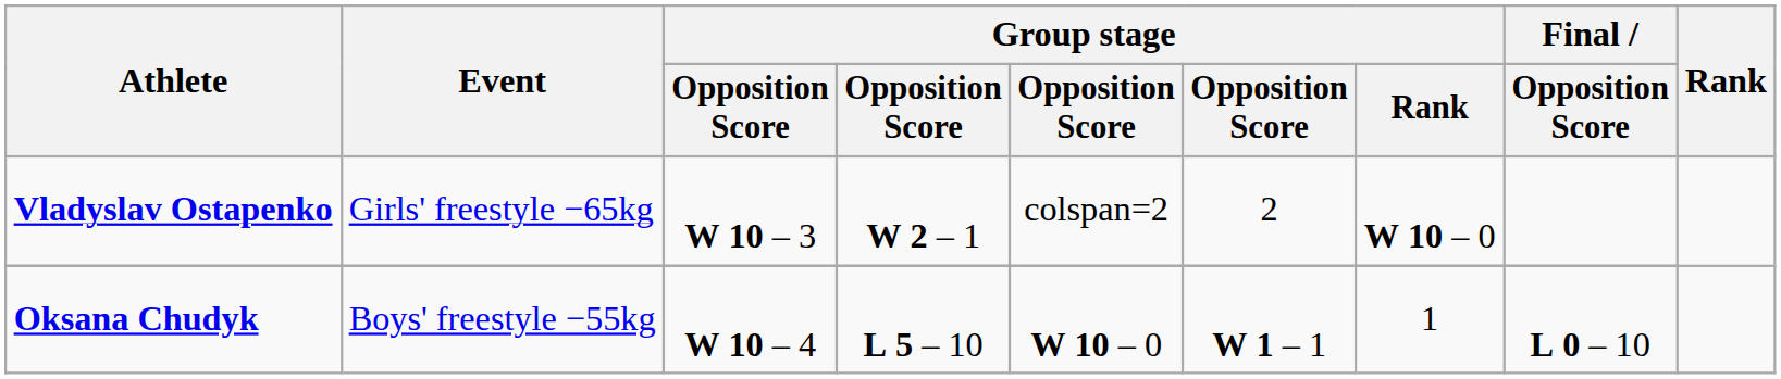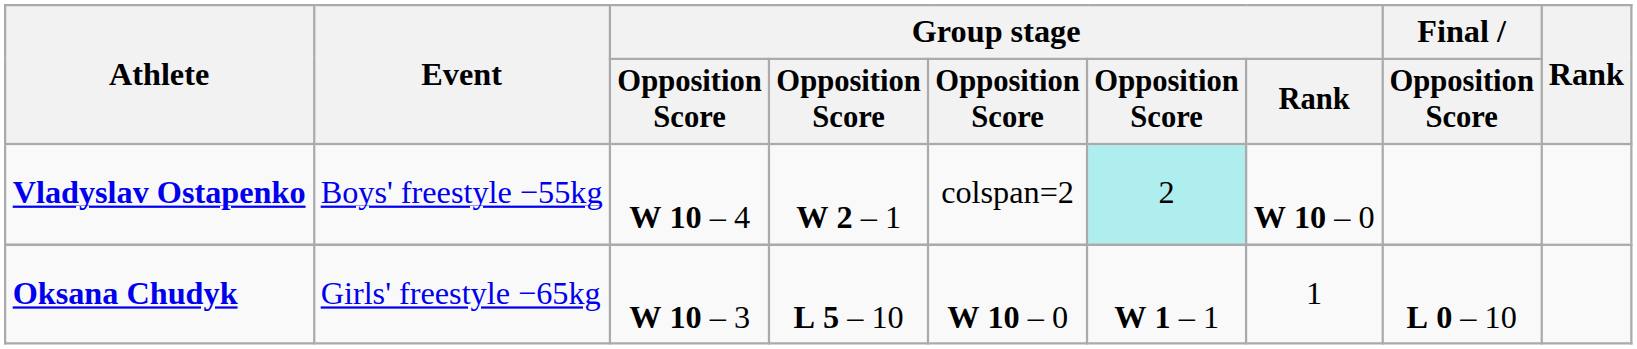 <table class="wikitable" style="font-size:90%">
 <tr>
 <th rowspan=2>Athlete</th>
 <th rowspan=2>Event</th>
 <th colspan=5>Group stage</th>
 <th>Final / </th>
 <th rowspan=2>Rank</th>
 </tr>
 <tr style="font-size:95%">
 <th>Opposition<br>Score</th>
 <th>Opposition<br>Score</th>
 <th>Opposition<br>Score</th>
 <th>Opposition<br>Score</th>
 <th>Rank</th>
 <th>Opposition<br>Score</th>
 </tr>
 <tr align=center>
 <td align=left><strong><a href='#'>Vladyslav Ostapenko</a></strong></td>
-<td align=left><a href='#'>Girls' freestyle −65kg</a></td>
-<td><br><strong>W</strong> <strong>10</strong> – 3 <sup></sup></td>
+<td align=left><a href='#'>Boys' freestyle −55kg</a></td>
+<td><br><strong>W</strong> <strong>10</strong> – 4 <sup></sup></td>
 <td><br><strong>W</strong> <strong>2</strong> – 1 <sup></sup></td>
 <td>colspan=2 </td>
-<td>2 </td>
+<td style="background: paleturquoise;">2 </td>
 <td><br><strong>W</strong> <strong>10</strong> – 0 <sup></sup></td>
 <td></td>
 </tr>
 <tr>
 </tr>
 <tr align=center>
 <td align=left><strong><a href='#'>Oksana Chudyk</a></strong></td>
-<td align=left><a href='#'>Boys' freestyle −55kg</a></td>
-<td><br><strong>W</strong> <strong>10</strong> – 4 <sup></sup></td>
+<td align=left><a href='#'>Girls' freestyle −65kg</a></td>
+<td><br><strong>W</strong> <strong>10</strong> – 3 <sup></sup></td>
 <td><br><strong>L</strong> <strong>5</strong> – 10 <sup></sup></td>
 <td><br><strong>W</strong> <strong>10</strong> – 0 <sup></sup></td>
 <td><br><strong>W</strong> <strong>1</strong> – 1 <sup></sup></td>
 <td>1 </td>
 <td><br><strong>L</strong> <strong>0</strong> – 10 <sup></sup></td>
 <td></td>
 </tr>
 </table>
